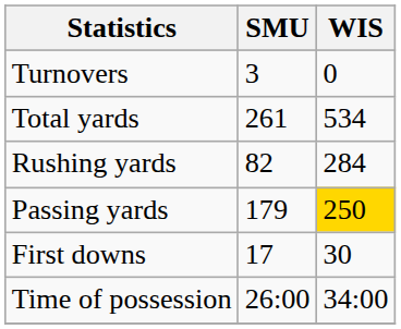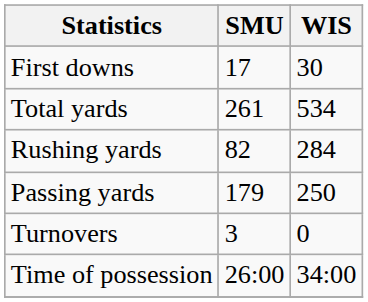 <table class="wikitable" style="float: left;">
 <tr>
 <th>Statistics</th>
 <th>SMU</th>
 <th>WIS</th>
 </tr>
 <tr>
-<td>Turnovers</td>
-<td>3</td>
-<td>0</td>
+<td>First downs</td>
+<td>17</td>
+<td>30</td>
 </tr>
 <tr>
 <td>Total yards</td>
 <td>261</td>
 <td>534</td>
 </tr>
 <tr>
 <td>Rushing yards</td>
 <td>82</td>
 <td>284</td>
 </tr>
 <tr>
 <td>Passing yards</td>
 <td>179</td>
-<td style="background: gold;">250</td>
+<td>250</td>
 </tr>
 <tr>
-<td>First downs</td>
-<td>17</td>
-<td>30</td>
+<td>Turnovers</td>
+<td>3</td>
+<td>0</td>
 </tr>
 <tr>
 <td>Time of possession</td>
 <td>26:00</td>
 <td>34:00</td>
 </tr>
 <tr>
 </tr>
 </table>
